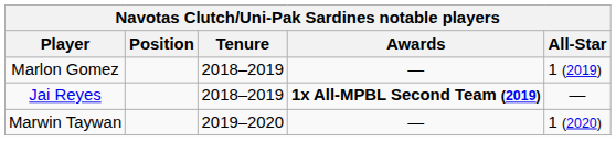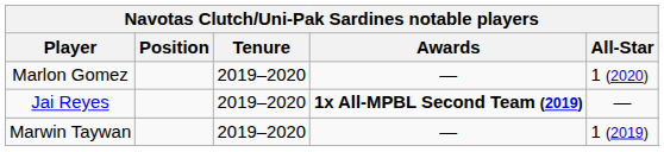 <table class="wikitable sortable" style="text-align:center">
 <tr>
 <th colspan="5">Navotas Clutch/Uni-Pak Sardines notable players</th>
 </tr>
 <tr>
 <th>Player</th>
 <th>Position</th>
 <th>Tenure</th>
 <th>Awards</th>
 <th>All-Star</th>
 </tr>
 <tr>
 <td>Marlon Gomez</td>
 <td></td>
-<td>2018–2019</td>
+<td>2019–2020</td>
 <td>—</td>
-<td align=left>1 <small>(<a href='#'>2019</a>)</small></td>
+<td align=left>1 <small>(<a href='#'>2020</a>)</small></td>
 </tr>
 <tr>
 <td><a href='#'>Jai Reyes</a></td>
 <td></td>
-<td>2018–2019</td>
+<td>2019–2020</td>
 <td align=left><strong>1x All-MPBL Second Team <small>(<a href='#'>2019</a>)</small></strong></td>
 <td>—</td>
 </tr>
 <tr>
 <td>Marwin Taywan</td>
 <td></td>
 <td>2019–2020</td>
 <td>—</td>
-<td align=left>1 <small>(<a href='#'>2020</a>)</small></td>
+<td align=left>1 <small>(<a href='#'>2019</a>)</small></td>
 </tr>
 </table>
